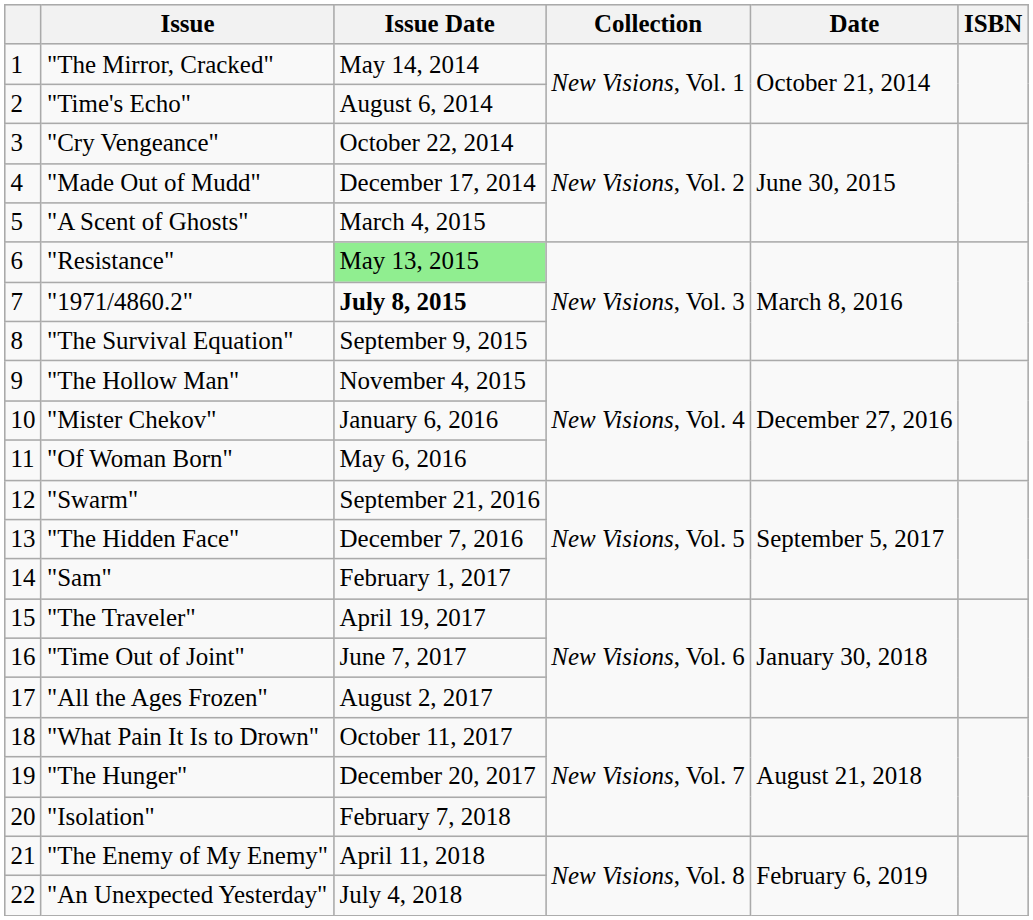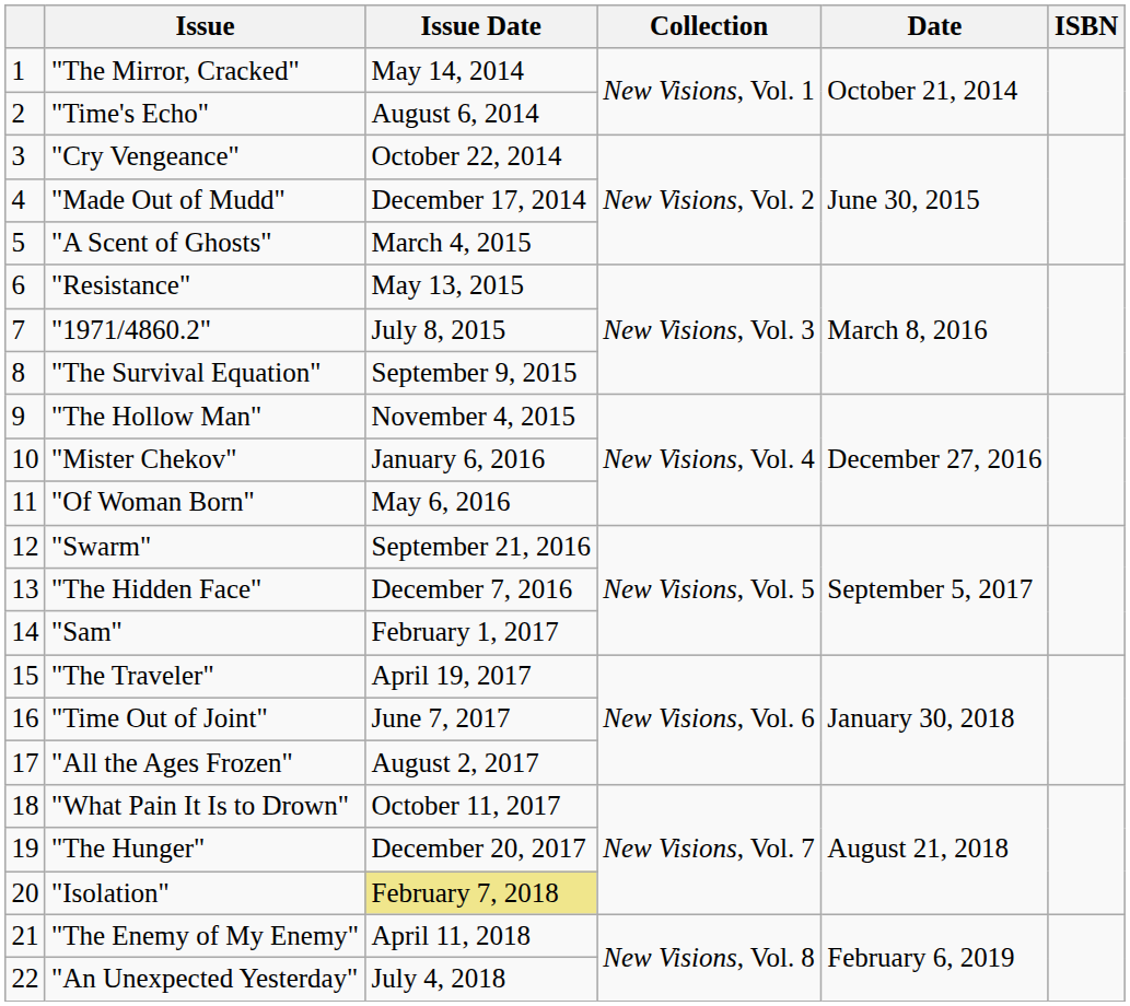 <table class="wikitable">
 <tr>
 <th></th>
 <th>Issue</th>
 <th>Issue Date</th>
 <th>Collection</th>
 <th>Date</th>
 <th>ISBN</th>
 </tr>
 <tr>
 <td>1</td>
 <td>"The Mirror, Cracked"</td>
 <td>May 14, 2014</td>
 <td rowspan="2"><em>New Visions</em>, Vol. 1</td>
 <td rowspan="2">October 21, 2014</td>
 <td rowspan="2"></td>
 </tr>
 <tr>
 <td>2</td>
 <td>"Time's Echo"</td>
 <td>August 6, 2014</td>
 </tr>
 <tr>
 <td>3</td>
 <td>"Cry Vengeance"</td>
 <td>October 22, 2014</td>
 <td rowspan="3"><em>New Visions</em>, Vol. 2</td>
 <td rowspan="3">June 30, 2015</td>
 <td rowspan="3"></td>
 </tr>
 <tr>
 <td>4</td>
 <td>"Made Out of Mudd"</td>
 <td>December 17, 2014</td>
 </tr>
 <tr>
 <td>5</td>
 <td>"A Scent of Ghosts"</td>
 <td>March 4, 2015</td>
 </tr>
 <tr>
 <td>6</td>
 <td>"Resistance"</td>
-<td style="background: lightgreen;">May 13, 2015</td>
+<td>May 13, 2015</td>
 <td rowspan="3"><em>New Visions</em>, Vol. 3</td>
 <td rowspan="3">March 8, 2016</td>
 <td rowspan="3"></td>
 </tr>
 <tr>
 <td>7</td>
 <td>"1971/4860.2"</td>
-<td><strong>July 8, 2015</strong></td>
+<td>July 8, 2015</td>
 </tr>
 <tr>
 <td>8</td>
 <td>"The Survival Equation"</td>
 <td>September 9, 2015</td>
 </tr>
 <tr>
 <td>9</td>
 <td>"The Hollow Man"</td>
 <td>November 4, 2015</td>
 <td rowspan="3"><em>New Visions</em>, Vol. 4</td>
 <td rowspan="3">December 27, 2016</td>
 <td rowspan="3"></td>
 </tr>
 <tr>
 <td>10</td>
 <td>"Mister Chekov"</td>
 <td>January 6, 2016</td>
 </tr>
 <tr>
 <td>11</td>
 <td>"Of Woman Born"</td>
 <td>May 6, 2016</td>
 </tr>
 <tr>
 <td>12</td>
 <td>"Swarm"</td>
 <td>September 21, 2016</td>
 <td rowspan="3"><em>New Visions</em>, Vol. 5</td>
 <td rowspan="3">September 5, 2017</td>
 <td rowspan="3"></td>
 </tr>
 <tr>
 <td>13</td>
 <td>"The Hidden Face"</td>
 <td>December 7, 2016</td>
 </tr>
 <tr>
 <td>14</td>
 <td>"Sam"</td>
 <td>February 1, 2017</td>
 </tr>
 <tr>
 <td>15</td>
 <td>"The Traveler"</td>
 <td>April 19, 2017</td>
 <td rowspan="3"><em>New Visions</em>, Vol. 6</td>
 <td rowspan="3">January 30, 2018</td>
 <td rowspan="3"></td>
 </tr>
 <tr>
 <td>16</td>
 <td>"Time Out of Joint"</td>
 <td>June 7, 2017</td>
 </tr>
 <tr>
 <td>17</td>
 <td>"All the Ages Frozen"</td>
 <td>August 2, 2017</td>
 </tr>
 <tr>
 <td>18</td>
 <td>"What Pain It Is to Drown"</td>
 <td>October 11, 2017</td>
 <td rowspan="3"><em>New Visions</em>, Vol. 7</td>
 <td rowspan="3">August 21, 2018</td>
 <td rowspan="3"></td>
 </tr>
 <tr>
 <td>19</td>
 <td>"The Hunger"</td>
 <td>December 20, 2017</td>
 </tr>
 <tr>
 <td>20</td>
 <td>"Isolation"</td>
-<td>February 7, 2018</td>
+<td style="background: khaki;">February 7, 2018</td>
 </tr>
 <tr>
 <td>21</td>
 <td>"The Enemy of My Enemy"</td>
 <td>April 11, 2018</td>
 <td rowspan="2"><em>New Visions</em>, Vol. 8</td>
 <td rowspan="2">February 6, 2019</td>
 <td rowspan="2"></td>
 </tr>
 <tr>
 <td>22</td>
 <td>"An Unexpected Yesterday"</td>
 <td>July 4, 2018</td>
 </tr>
 </table>
